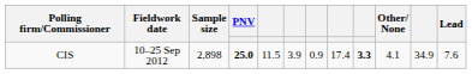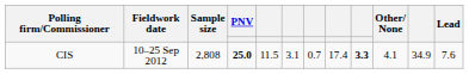 <table class="wikitable collapsible collapsed" style="text-align:center; font-size:90%; line-height:14px;">
 <tr style="height:42px;">
 <th style="width:250px;" rowspan="2">Polling firm/Commissioner</th>
 <th style="width:125px;" rowspan="2">Fieldwork date</th>
 <th style="width:50px;" rowspan="2">Sample size</th>
 <th style="width:35px;"><a href='#'>PNV</a></th>
 <th style="width:35px;"></th>
 <th style="width:35px;"></th>
 <th style="width:35px;"></th>
 <th style="width:35px;"></th>
 <th style="width:35px;"></th>
 <th style="width:35px;" rowspan="2">Other/<br>None</th>
 <th style="width:35px;" rowspan="2"></th>
 <th style="width:30px;" rowspan="2">Lead</th>
 </tr>
 <tr>
 <th style="color:inherit;background:"></th>
 <th style="color:inherit;background:"></th>
 <th style="color:inherit;background:"></th>
 <th style="color:inherit;background:"></th>
 <th style="color:inherit;background:"></th>
 <th style="color:inherit;background:"></th>
 </tr>
 <tr>
 <td>CIS</td>
 <td>10–25 Sep 2012</td>
-<td>2,898</td>
+<td>2,808</td>
 <td><strong>25.0</strong></td>
 <td>11.5</td>
-<td>3.9</td>
-<td>0.9</td>
+<td>3.1</td>
+<td>0.7</td>
 <td>17.4</td>
 <td><strong>3.3</strong></td>
 <td>4.1</td>
 <td>34.9</td>
 <td style="background:">7.6</td>
 </tr>
 </table>
